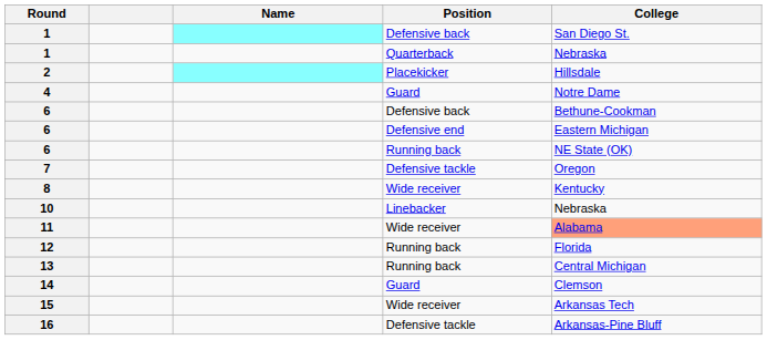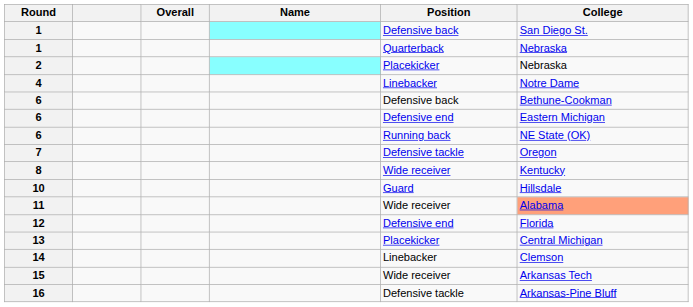 <table class="wikitable sortable" style="width: 50%;">
 <tr>
 <th scope="col" style="width: 10%;">Round</th>
 <th scope="col" style="width: 10%;"></th>
+<th scope="col" style="width: 10%;">Overall</th>
 <th scope="col" style="width: 25%;">Name</th>
 <th scope="col" style="width: 20%;">Position</th>
 <th scope="col" style="width: 25%;">College</th>
 </tr>
 <tr>
 <th scope="row">1</th>
+<td></td>
 <td></td>
 <td style="background:#88FFFF;"> <sup></sup></td>
 <td><a href='#'>Defensive back</a></td>
 <td><a href='#'>San Diego St.</a></td>
 </tr>
 <tr>
 <th scope="row">1</th>
 <td></td>
 <td></td>
+<td></td>
 <td><a href='#'>Quarterback</a></td>
 <td><a href='#'>Nebraska</a></td>
 </tr>
 <tr>
 <th scope="row">2</th>
 <td></td>
+<td></td>
 <td style="background:#88FFFF;"> <sup></sup></td>
 <td><a href='#'>Placekicker</a></td>
-<td><a href='#'>Hillsdale</a></td>
+<td>Nebraska</td>
 </tr>
 <tr>
 <th scope="row">4</th>
 <td></td>
 <td></td>
-<td><a href='#'>Guard</a></td>
+<td></td>
+<td><a href='#'>Linebacker</a></td>
 <td><a href='#'>Notre Dame</a></td>
 </tr>
 <tr>
 <th scope="row">6</th>
+<td></td>
 <td></td>
 <td></td>
 <td>Defensive back</td>
 <td><a href='#'>Bethune-Cookman</a></td>
 </tr>
 <tr>
 <th scope="row">6</th>
 <td></td>
 <td></td>
+<td></td>
 <td><a href='#'>Defensive end</a></td>
 <td><a href='#'>Eastern Michigan</a></td>
 </tr>
 <tr>
 <th scope="row">6</th>
+<td></td>
 <td></td>
 <td></td>
 <td><a href='#'>Running back</a></td>
 <td><a href='#'>NE State (OK)</a></td>
 </tr>
 <tr>
 <th scope="row">7</th>
 <td></td>
 <td></td>
+<td></td>
 <td><a href='#'>Defensive tackle</a></td>
 <td><a href='#'>Oregon</a></td>
 </tr>
 <tr>
 <th scope="row">8</th>
+<td></td>
 <td></td>
 <td></td>
 <td><a href='#'>Wide receiver</a></td>
 <td><a href='#'>Kentucky</a></td>
 </tr>
 <tr>
 <th scope="row">10</th>
 <td></td>
 <td></td>
-<td><a href='#'>Linebacker</a></td>
-<td>Nebraska</td>
+<td></td>
+<td><a href='#'>Guard</a></td>
+<td><a href='#'>Hillsdale</a></td>
 </tr>
 <tr>
 <th scope="row">11</th>
+<td></td>
 <td></td>
 <td></td>
 <td>Wide receiver</td>
 <td style="background: lightsalmon;"><a href='#'>Alabama</a></td>
 </tr>
 <tr>
 <th scope="row">12</th>
 <td></td>
 <td></td>
-<td>Running back</td>
+<td></td>
+<td><a href='#'>Defensive end</a></td>
 <td><a href='#'>Florida</a></td>
 </tr>
 <tr>
 <th scope="row">13</th>
 <td></td>
 <td></td>
-<td>Running back</td>
+<td></td>
+<td><a href='#'>Placekicker</a></td>
 <td><a href='#'>Central Michigan</a></td>
 </tr>
 <tr>
 <th scope="row">14</th>
 <td></td>
 <td></td>
-<td><a href='#'>Guard</a></td>
+<td></td>
+<td>Linebacker</td>
 <td><a href='#'>Clemson</a></td>
 </tr>
 <tr>
 <th scope="row">15</th>
+<td></td>
 <td></td>
 <td></td>
 <td>Wide receiver</td>
 <td><a href='#'>Arkansas Tech</a></td>
 </tr>
 <tr>
 <th scope="row">16</th>
 <td></td>
 <td></td>
+<td></td>
 <td>Defensive tackle</td>
 <td><a href='#'>Arkansas-Pine Bluff</a></td>
 </tr>
 </table>
